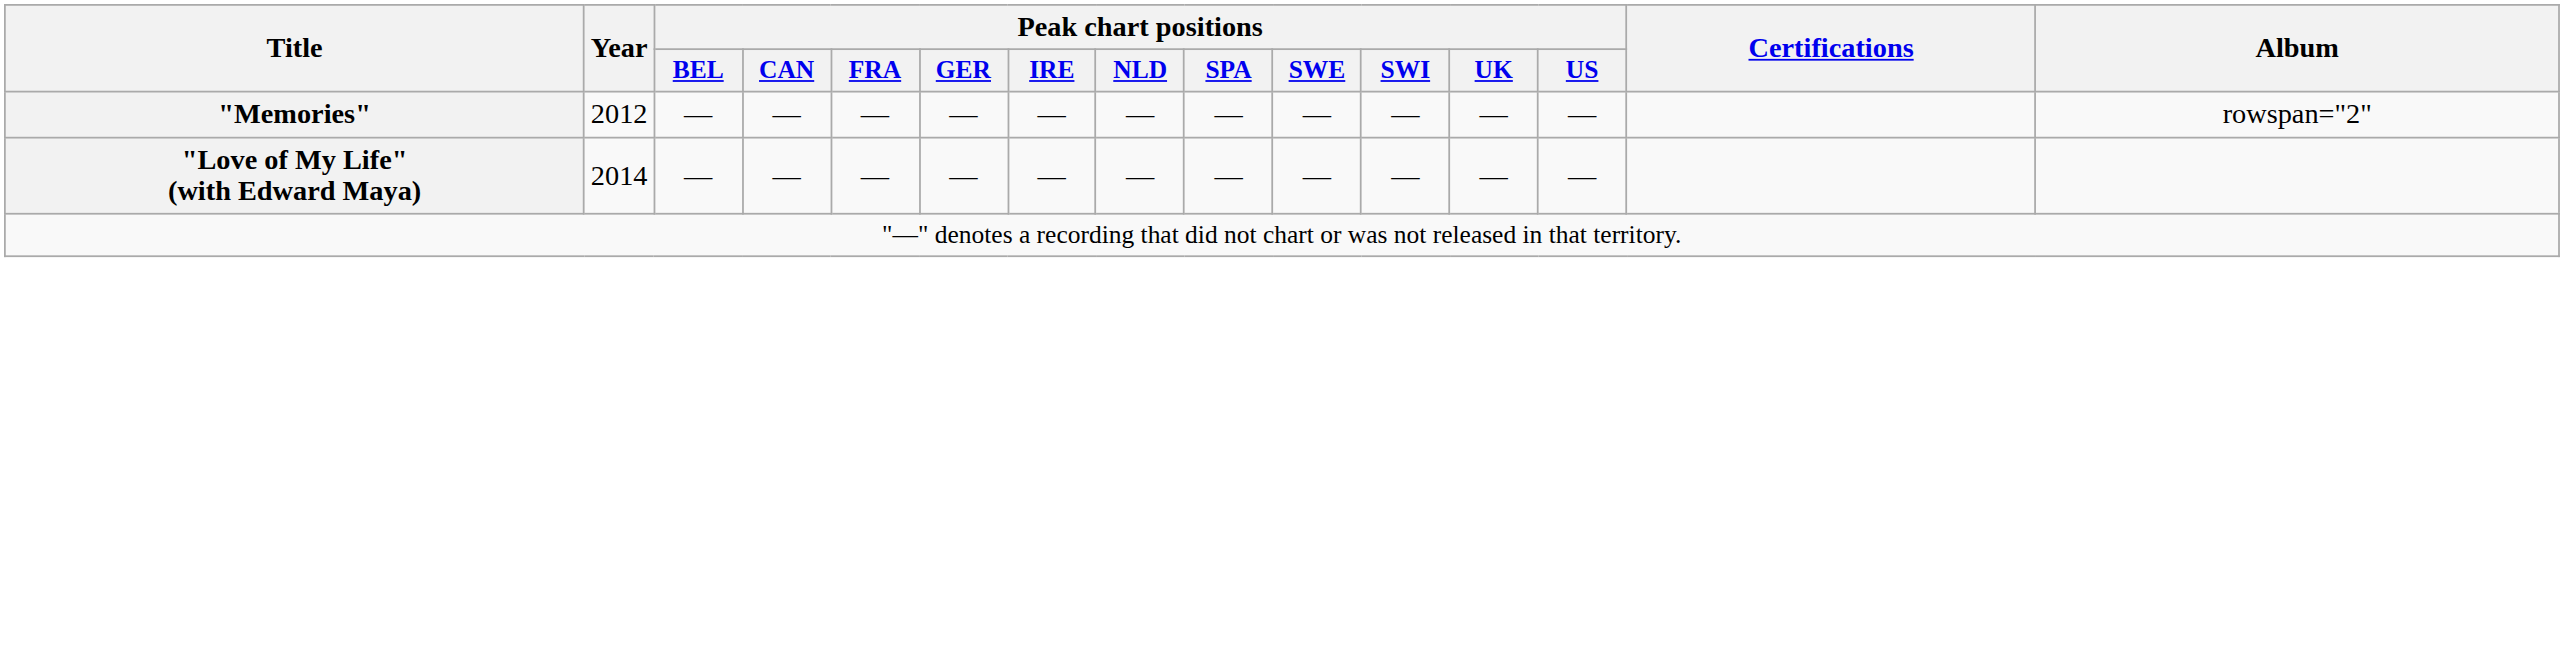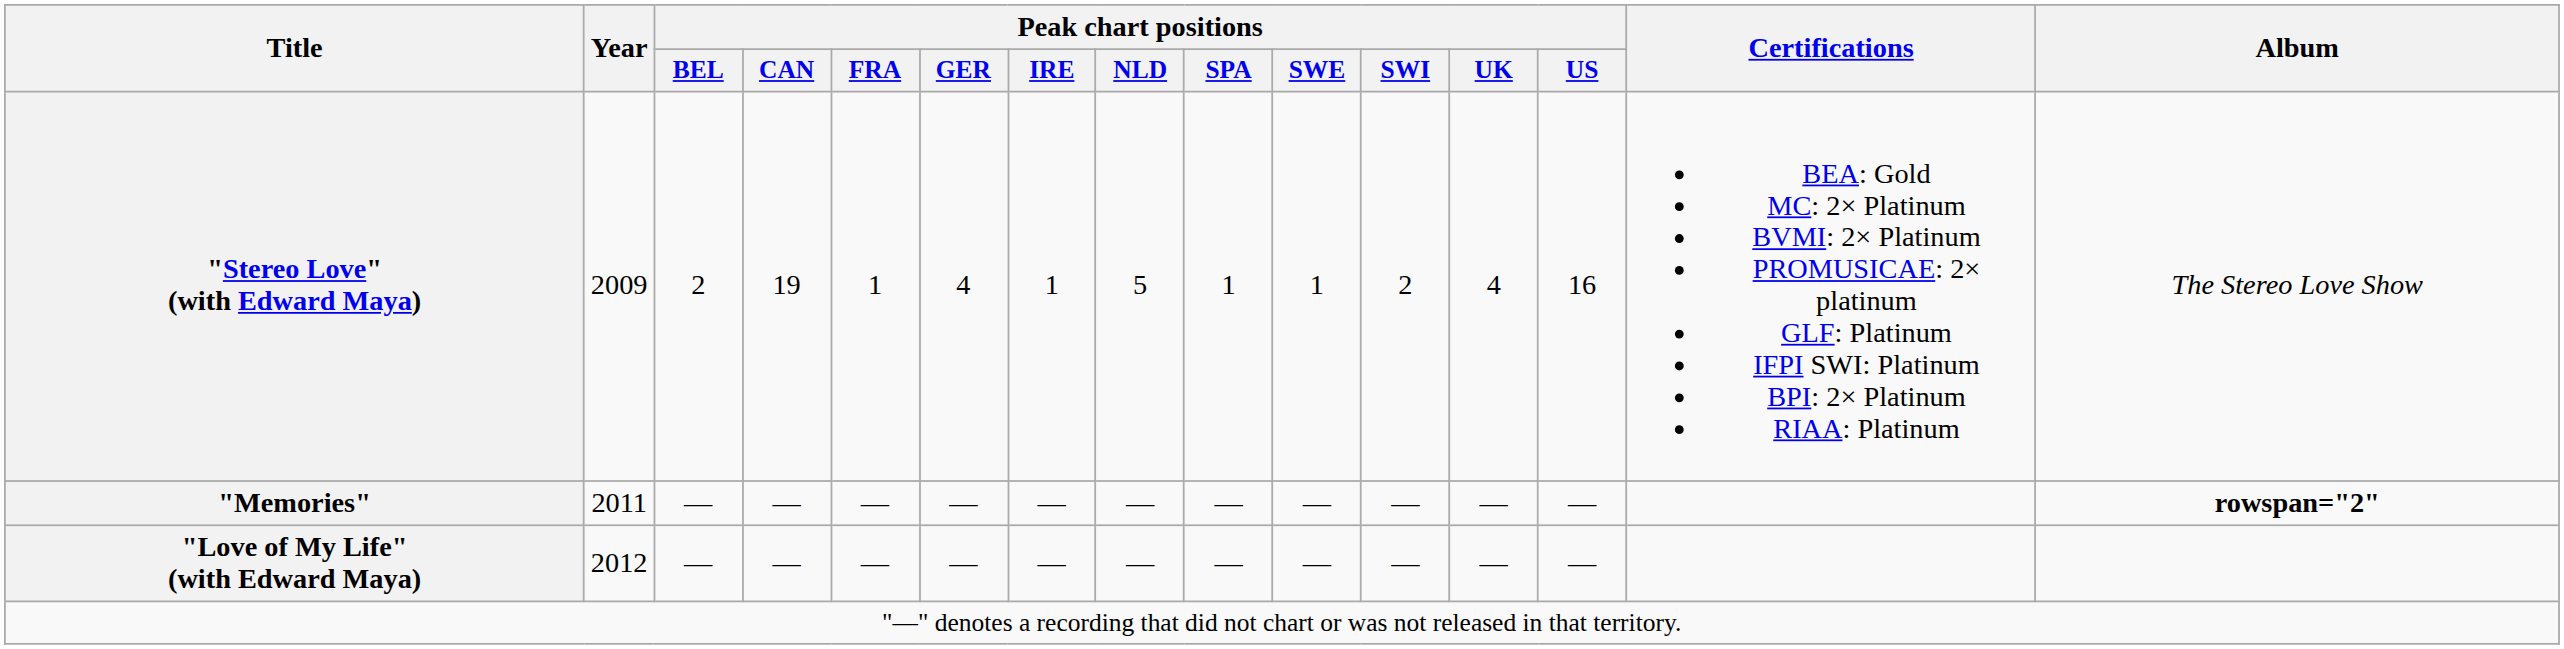 <table class="wikitable plainrowheaders" style="text-align:center;" border="1">
 <tr>
 <th scope="col" rowspan="2" style="width:20em;">Title</th>
 <th scope="col" rowspan="2" style="width:1em;">Year</th>
 <th scope="col" colspan="11">Peak chart positions</th>
 <th scope="col" rowspan="2" style="width:14em;"><a href='#'>Certifications</a></th>
 <th scope="col" rowspan="2" style="width:18em;">Album</th>
 </tr>
 <tr>
 <th style="width:3em;font-size:90%"><a href='#'>BEL</a> <br></th>
 <th style="width:3em;font-size:90%"><a href='#'>CAN</a> <br></th>
 <th style="width:3em;font-size:90%"><a href='#'>FRA</a> <br></th>
 <th style="width:3em;font-size:90%"><a href='#'>GER</a> <br></th>
 <th style="width:3em;font-size:90%"><a href='#'>IRE</a> <br></th>
 <th style="width:3em;font-size:90%"><a href='#'>NLD</a> <br></th>
 <th style="width:3em;font-size:90%"><a href='#'>SPA</a> <br></th>
 <th style="width:3em;font-size:90%"><a href='#'>SWE</a> <br></th>
 <th style="width:3em;font-size:90%"><a href='#'>SWI</a> <br></th>
 <th style="width:3em;font-size:90%"><a href='#'>UK</a> <br></th>
 <th style="width:3em;font-size:90%"><a href='#'>US</a> <br></th>
 </tr>
 <tr>
+<th scope="row">"<a href='#'>Stereo Love</a>" <br><span>(with <a href='#'>Edward Maya</a>)</span></th>
+<td>2009</td>
+<td>2</td>
+<td>19</td>
+<td>1</td>
+<td>4</td>
+<td>1</td>
+<td>5</td>
+<td>1</td>
+<td>1</td>
+<td>2</td>
+<td>4</td>
+<td>16</td>
+<td><br><ul><li><a href='#'>BEA</a>: Gold</li><li><a href='#'>MC</a>: 2× Platinum</li><li><a href='#'>BVMI</a>: 2× Platinum</li><li><a href='#'>PROMUSICAE</a>: 2× platinum</li><li><a href='#'>GLF</a>: Platinum</li><li><a href='#'>IFPI</a> SWI: Platinum</li><li><a href='#'>BPI</a>: 2× Platinum</li><li><a href='#'>RIAA</a>: Platinum</li></ul></td>
+<td><em>The Stereo Love Show</em></td>
+</tr>
+<tr>
 <th scope="row">"Memories"</th>
-<td>2012</td>
+<td>2011</td>
 <td>—</td>
 <td>—</td>
 <td>—</td>
 <td>—</td>
 <td>—</td>
 <td>—</td>
 <td>—</td>
 <td>—</td>
 <td>—</td>
 <td>—</td>
 <td>—</td>
 <td></td>
-<td>rowspan="2" </td>
+<td><strong>rowspan="2" </strong></td>
 </tr>
 <tr>
 <th scope="row">"Love of My Life" <br><span>(with Edward Maya)</span></th>
-<td>2014</td>
+<td>2012</td>
 <td>—</td>
 <td>—</td>
 <td>—</td>
 <td>—</td>
 <td>—</td>
 <td>—</td>
 <td>—</td>
 <td>—</td>
 <td>—</td>
 <td>—</td>
 <td>—</td>
 <td></td>
 </tr>
 <tr>
 <td colspan="15" style="font-size:90%">"—" denotes a recording that did not chart or was not released in that territory.</td>
 </tr>
 </table>
